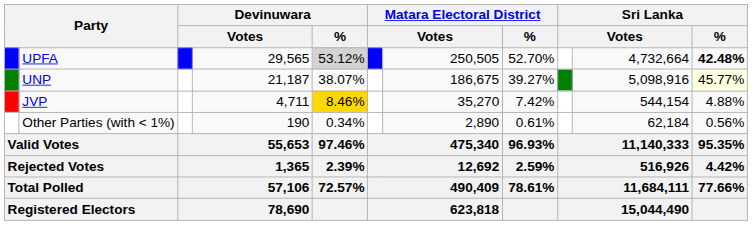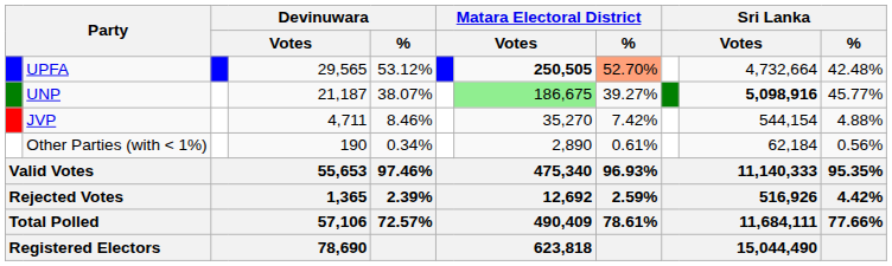 <table class="wikitable">
 <tr>
 <th colspan="2" width="144px"rowspan="2">Party</th>
 <th colspan="3" width="216px">Devinuwara</th>
 <th colspan="3" width="216px"><a href='#'>Matara Electoral District</a></th>
 <th colspan="3" width="216px">Sri Lanka</th>
 </tr>
 <tr>
 <th colspan="2" width="144px">Votes</th>
 <th>%</th>
 <th colspan="2" width="144px">Votes</th>
 <th>%</th>
 <th colspan="2" width="144px">Votes</th>
 <th>%</th>
 </tr>
 <tr>
 <td style="background-color:blue;" width="10px"></td>
 <td style="text-align:left;"><a href='#'>UPFA</a></td>
 <td style="background-color:blue;" width="10px"></td>
 <td style="text-align:right;">29,565</td>
-<td style="background: lightgrey; text-align:right;">53.12%</td>
+<td style="text-align:right;">53.12%</td>
 <td style="background-color:blue;" width="10px"></td>
-<td style="text-align:right;">250,505</td>
-<td style="text-align:right;">52.70%</td>
+<td style="text-align:right;"><strong>250,505</strong></td>
+<td style="background: lightsalmon; text-align:right;">52.70%</td>
 <td style="background-color:white;" width="10px"></td>
 <td style="text-align:right;">4,732,664</td>
-<td style="text-align:right;"><strong>42.48%</strong></td>
+<td style="text-align:right;">42.48%</td>
 </tr>
 <tr>
 <td style="background-color:green;" width="10px"></td>
 <td style="text-align:left;"><a href='#'>UNP</a></td>
 <td style="background-color:white;" width="10px"></td>
 <td style="text-align:right;">21,187</td>
 <td style="text-align:right;">38.07%</td>
 <td style="background-color:white;" width="10px"></td>
-<td style="text-align:right;">186,675</td>
+<td style="background: lightgreen; text-align:right;">186,675</td>
 <td style="text-align:right;">39.27%</td>
 <td style="background-color:green;" width="10px"></td>
-<td style="text-align:right;">5,098,916</td>
-<td style="background: lightyellow; text-align:right;">45.77%</td>
+<td style="text-align:right;"><strong>5,098,916</strong></td>
+<td style="text-align:right;">45.77%</td>
 </tr>
 <tr>
 <td style="background-color:red;" width="10px"></td>
 <td style="text-align:left;"><a href='#'>JVP</a></td>
 <td style="background-color:white;" width="10px"></td>
 <td style="text-align:right;">4,711</td>
-<td style="background: gold; text-align:right;">8.46%</td>
+<td style="text-align:right;">8.46%</td>
 <td style="background-color:white;" width="10px"></td>
 <td style="text-align:right;">35,270</td>
 <td style="text-align:right;">7.42%</td>
 <td style="background-color:white;" width="10px"></td>
 <td style="text-align:right;">544,154</td>
 <td style="text-align:right;">4.88%</td>
 </tr>
 <tr>
 <td style="background-color:white;" width="10px"></td>
 <td style="text-align:left;">Other Parties (with < 1%)</td>
 <td style="background-color:white;" width="10px"></td>
 <td style="text-align:right;">190</td>
 <td style="text-align:right;">0.34%</td>
 <td style="background-color:white;" width="10px"></td>
 <td style="text-align:right;">2,890</td>
 <td style="text-align:right;">0.61%</td>
 <td style="background-color:white;" width="10px"></td>
 <td style="text-align:right;">62,184</td>
 <td style="text-align:right;">0.56%</td>
 </tr>
 <tr>
 <th colspan="2" width="144px"style="text-align:left;">Valid Votes</th>
 <th style="text-align:right;"colspan="2" width="144px">55,653</th>
 <th style="text-align:right;">97.46%</th>
 <th style="text-align:right;"colspan="2" width="144px">475,340</th>
 <th style="text-align:right;">96.93%</th>
 <th style="text-align:right;"colspan="2" width="144px">11,140,333</th>
 <th style="text-align:right;">95.35%</th>
 </tr>
 <tr>
 <th colspan="2" width="144px"style="text-align:left;">Rejected Votes</th>
 <th style="text-align:right;"colspan="2" width="144px">1,365</th>
 <th style="text-align:right;">2.39%</th>
 <th style="text-align:right;"colspan="2" width="144px">12,692</th>
 <th style="text-align:right;">2.59%</th>
 <th style="text-align:right;"colspan="2" width="144px">516,926</th>
 <th style="text-align:right;">4.42%</th>
 </tr>
 <tr>
 <th colspan="2" width="144px"style="text-align:left;">Total Polled</th>
 <th style="text-align:right;"colspan="2" width="144px">57,106</th>
 <th style="text-align:right;">72.57%</th>
 <th style="text-align:right;"colspan="2" width="144px">490,409</th>
 <th style="text-align:right;">78.61%</th>
 <th style="text-align:right;"colspan="2" width="144px">11,684,111</th>
 <th style="text-align:right;">77.66%</th>
 </tr>
 <tr>
 <th colspan="2" width="144px"style="text-align:left;">Registered Electors</th>
 <th style="text-align:right;"colspan="2" width="144px">78,690</th>
 <th></th>
 <th style="text-align:right;"colspan="2" width="144px">623,818</th>
 <th></th>
 <th style="text-align:right;"colspan="2" width="144px">15,044,490</th>
 <th></th>
 </tr>
 </table>
